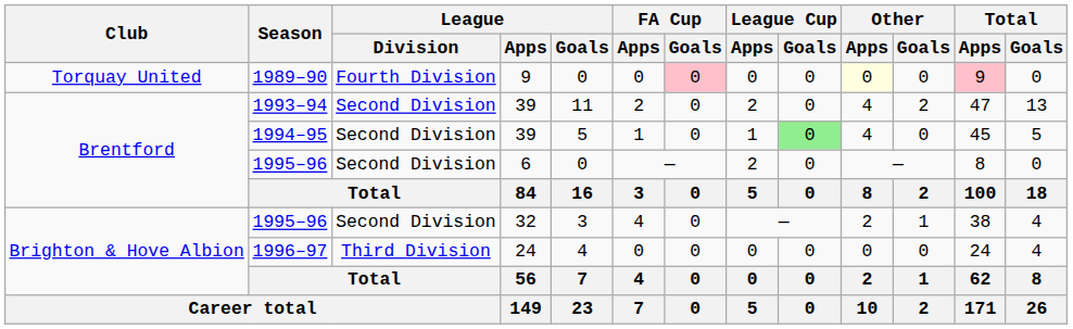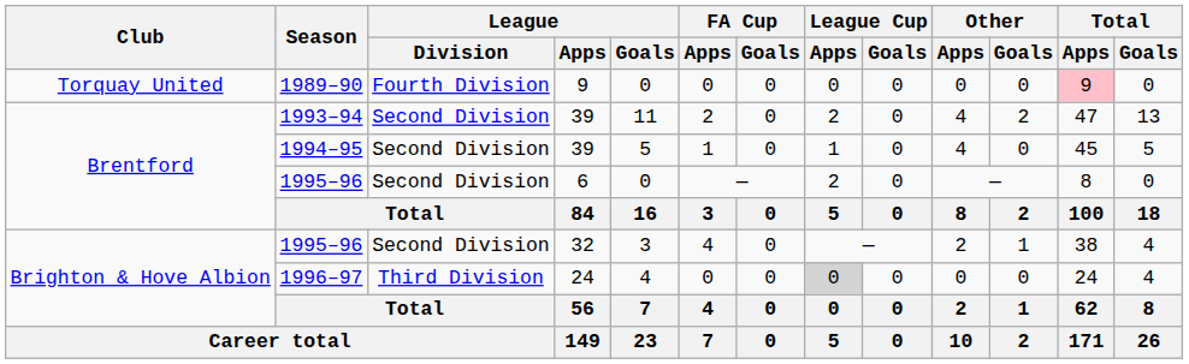 <table class="wikitable" style="text-align: center;">
 <tr>
 <th rowspan="2">Club</th>
 <th rowspan="2">Season</th>
 <th colspan="3">League</th>
 <th colspan="2">FA Cup</th>
 <th colspan="2">League Cup</th>
 <th colspan="2">Other</th>
 <th colspan="2">Total</th>
 </tr>
 <tr>
 <th>Division</th>
 <th>Apps</th>
 <th>Goals</th>
 <th>Apps</th>
 <th>Goals</th>
 <th>Apps</th>
 <th>Goals</th>
 <th>Apps</th>
 <th>Goals</th>
 <th>Apps</th>
 <th>Goals</th>
 </tr>
 <tr>
 <td><a href='#'>Torquay United</a></td>
 <td><a href='#'>1989–90</a></td>
 <td><a href='#'>Fourth Division</a></td>
 <td>9</td>
 <td>0</td>
 <td>0</td>
-<td style="background: pink;">0</td>
 <td>0</td>
 <td>0</td>
-<td style="background: lightyellow;">0</td>
+<td>0</td>
+<td>0</td>
 <td>0</td>
 <td style="background: pink;">9</td>
 <td>0</td>
 </tr>
 <tr>
 <td rowspan="4"><a href='#'>Brentford</a></td>
 <td><a href='#'>1993–94</a></td>
 <td><a href='#'>Second Division</a></td>
 <td>39</td>
 <td>11</td>
 <td>2</td>
 <td>0</td>
 <td>2</td>
 <td>0</td>
 <td>4</td>
 <td>2</td>
 <td>47</td>
 <td>13</td>
 </tr>
 <tr>
 <td><a href='#'>1994–95</a></td>
 <td>Second Division</td>
 <td>39</td>
 <td>5</td>
 <td>1</td>
 <td>0</td>
 <td>1</td>
-<td style="background: lightgreen;">0</td>
+<td>0</td>
 <td>4</td>
 <td>0</td>
 <td>45</td>
 <td>5</td>
 </tr>
 <tr>
 <td><a href='#'>1995–96</a></td>
 <td>Second Division</td>
 <td>6</td>
 <td>0</td>
 <td colspan="2">—</td>
 <td>2</td>
 <td>0</td>
 <td colspan="2">—</td>
 <td>8</td>
 <td>0</td>
 </tr>
 <tr>
 <th colspan="2">Total</th>
 <th>84</th>
 <th>16</th>
 <th>3</th>
 <th>0</th>
 <th>5</th>
 <th>0</th>
 <th>8</th>
 <th>2</th>
 <th>100</th>
 <th>18</th>
 </tr>
 <tr>
 <td rowspan="3"><a href='#'>Brighton & Hove Albion</a></td>
 <td><a href='#'>1995–96</a></td>
 <td>Second Division</td>
 <td>32</td>
 <td>3</td>
 <td>4</td>
 <td>0</td>
 <td colspan="2">—</td>
 <td>2</td>
 <td>1</td>
 <td>38</td>
 <td>4</td>
 </tr>
 <tr>
 <td><a href='#'>1996–97</a></td>
 <td><a href='#'>Third Division</a></td>
 <td>24</td>
 <td>4</td>
 <td>0</td>
 <td>0</td>
-<td>0</td>
+<td style="background: lightgrey;">0</td>
 <td>0</td>
 <td>0</td>
 <td>0</td>
 <td>24</td>
 <td>4</td>
 </tr>
 <tr>
 <th colspan="2">Total</th>
 <th>56</th>
 <th>7</th>
 <th>4</th>
 <th>0</th>
 <th>0</th>
 <th>0</th>
 <th>2</th>
 <th>1</th>
 <th>62</th>
 <th>8</th>
 </tr>
 <tr>
 <th colspan="3">Career total</th>
 <th>149</th>
 <th>23</th>
 <th>7</th>
 <th>0</th>
 <th>5</th>
 <th>0</th>
 <th>10</th>
 <th>2</th>
 <th>171</th>
 <th>26</th>
 </tr>
 </table>
